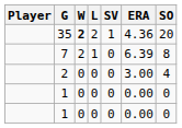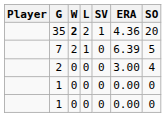 <table class="wikitable sortable" style="text-align:center;">
 <tr>
 <th>Player</th>
 <th>G</th>
 <th>W</th>
 <th>L</th>
 <th>SV</th>
 <th>ERA</th>
 <th>SO</th>
 </tr>
 <tr>
 <td></td>
 <td>35</td>
 <td><strong>2</strong></td>
 <td>2</td>
 <td>1</td>
 <td>4.36</td>
 <td>20</td>
 </tr>
 <tr>
 <td></td>
 <td>7</td>
 <td>2</td>
 <td>1</td>
 <td>0</td>
 <td>6.39</td>
-<td>8</td>
+<td>5</td>
 </tr>
 <tr>
 <td></td>
 <td>2</td>
 <td>0</td>
 <td>0</td>
 <td>0</td>
 <td>3.00</td>
 <td>4</td>
 </tr>
 <tr>
 <td></td>
 <td>1</td>
 <td>0</td>
 <td>0</td>
 <td>0</td>
 <td>0.00</td>
 <td>0</td>
 </tr>
 <tr>
 <td></td>
 <td>1</td>
 <td>0</td>
 <td>0</td>
 <td>0</td>
 <td>0.00</td>
 <td>0</td>
 </tr>
 </table>
